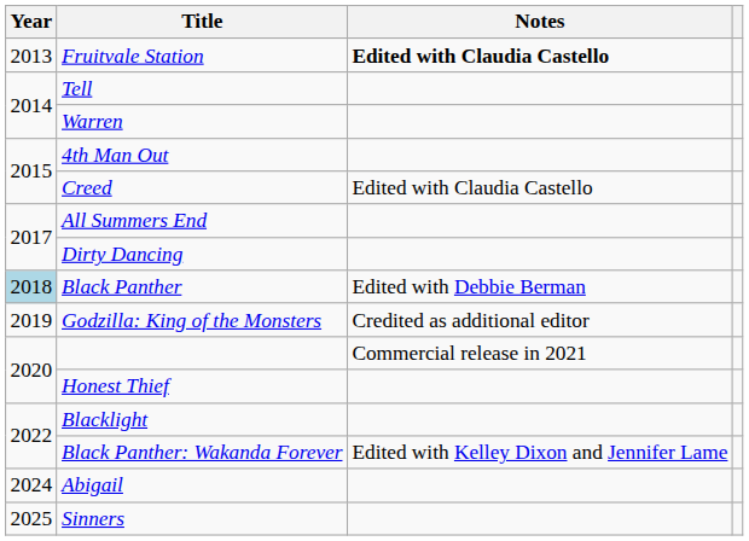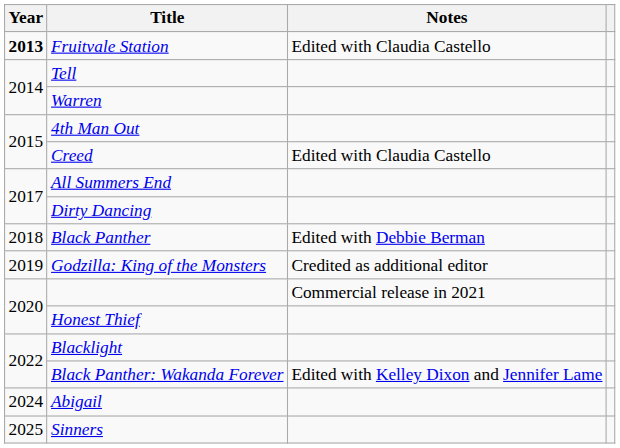 <table class="wikitable sortable">
 <tr>
 <th>Year</th>
 <th>Title</th>
 <th class="unsortable">Notes</th>
 <th scope="col" class="unsortable"></th>
 </tr>
 <tr>
-<td>2013</td>
+<td><strong>2013</strong></td>
 <td><em><a href='#'>Fruitvale Station</a></em></td>
-<td><strong>Edited with Claudia Castello</strong></td>
+<td>Edited with Claudia Castello</td>
 <td style="text-align:center;"></td>
 </tr>
 <tr>
 <td rowspan=2>2014</td>
 <td><em><a href='#'>Tell</a></em></td>
 <td></td>
 <td style="text-align:center;"></td>
 </tr>
 <tr>
 <td><em><a href='#'>Warren</a></em></td>
 <td></td>
 <td style="text-align:center;"></td>
 </tr>
 <tr>
 <td rowspan=2>2015</td>
 <td><em><a href='#'>4th Man Out</a></em></td>
 <td></td>
 <td style="text-align:center;"></td>
 </tr>
 <tr>
 <td><em><a href='#'>Creed</a></em></td>
 <td>Edited with Claudia Castello</td>
 <td style="text-align:center;"></td>
 </tr>
 <tr>
 <td rowspan=2>2017</td>
 <td><em><a href='#'>All Summers End</a></em></td>
 <td></td>
 <td style="text-align:center;"></td>
 </tr>
 <tr>
 <td><em><a href='#'>Dirty Dancing</a></em></td>
 <td></td>
 <td style="text-align:center;"></td>
 </tr>
 <tr>
-<td style="background: lightblue;">2018</td>
+<td>2018</td>
 <td><em><a href='#'>Black Panther</a></em></td>
 <td>Edited with <a href='#'>Debbie Berman</a></td>
 <td style="text-align:center;"></td>
 </tr>
 <tr>
 <td>2019</td>
 <td><em><a href='#'>Godzilla: King of the Monsters</a></em></td>
 <td>Credited as additional editor</td>
 <td style="text-align:center;"></td>
 </tr>
 <tr>
 <td rowspan=2>2020</td>
 <td><em></em></td>
 <td>Commercial release in 2021</td>
 <td style="text-align:center;"></td>
 </tr>
 <tr>
 <td><em><a href='#'>Honest Thief</a></em></td>
 <td></td>
 <td style="text-align:center;"></td>
 </tr>
 <tr>
 <td rowspan=2>2022</td>
 <td><em><a href='#'>Blacklight</a></em></td>
 <td></td>
 <td style="text-align:center;"></td>
 </tr>
 <tr>
 <td><em><a href='#'>Black Panther: Wakanda Forever</a></em></td>
 <td>Edited with <a href='#'>Kelley Dixon</a> and <a href='#'>Jennifer Lame</a></td>
 <td style="text-align:center;"></td>
 </tr>
 <tr>
 <td>2024</td>
 <td><em><a href='#'>Abigail</a></em></td>
 <td></td>
 <td style="text-align:center;"></td>
 </tr>
 <tr>
 <td>2025</td>
 <td><a href='#'><em>Sinners</em></a></td>
 <td></td>
 <td style="text-align:center;"></td>
 </tr>
 </table>
